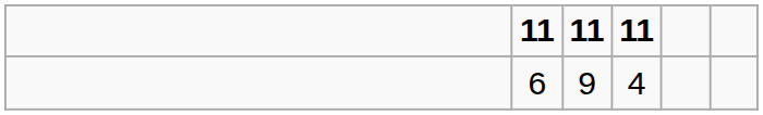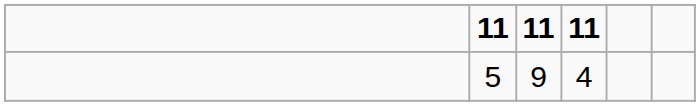 <table class="wikitable">
 <tr>
 <td style="width:15em"></td>
 <td align=center style="width:1em"><strong>11</strong></td>
 <td align=center style="width:1em"><strong>11</strong></td>
 <td align=center style="width:1em"><strong>11</strong></td>
 <td align=center style="width:1em"></td>
 <td align=center style="width:1em"></td>
 </tr>
 <tr>
 <td style="width:15em"></td>
-<td align=center style="width:1em">6</td>
+<td align=center style="width:1em">5</td>
 <td align=center style="width:1em">9</td>
 <td align=center style="width:1em">4</td>
 <td align=center style="width:1em"></td>
 <td align=center style="width:1em"></td>
 </tr>
 </table>
